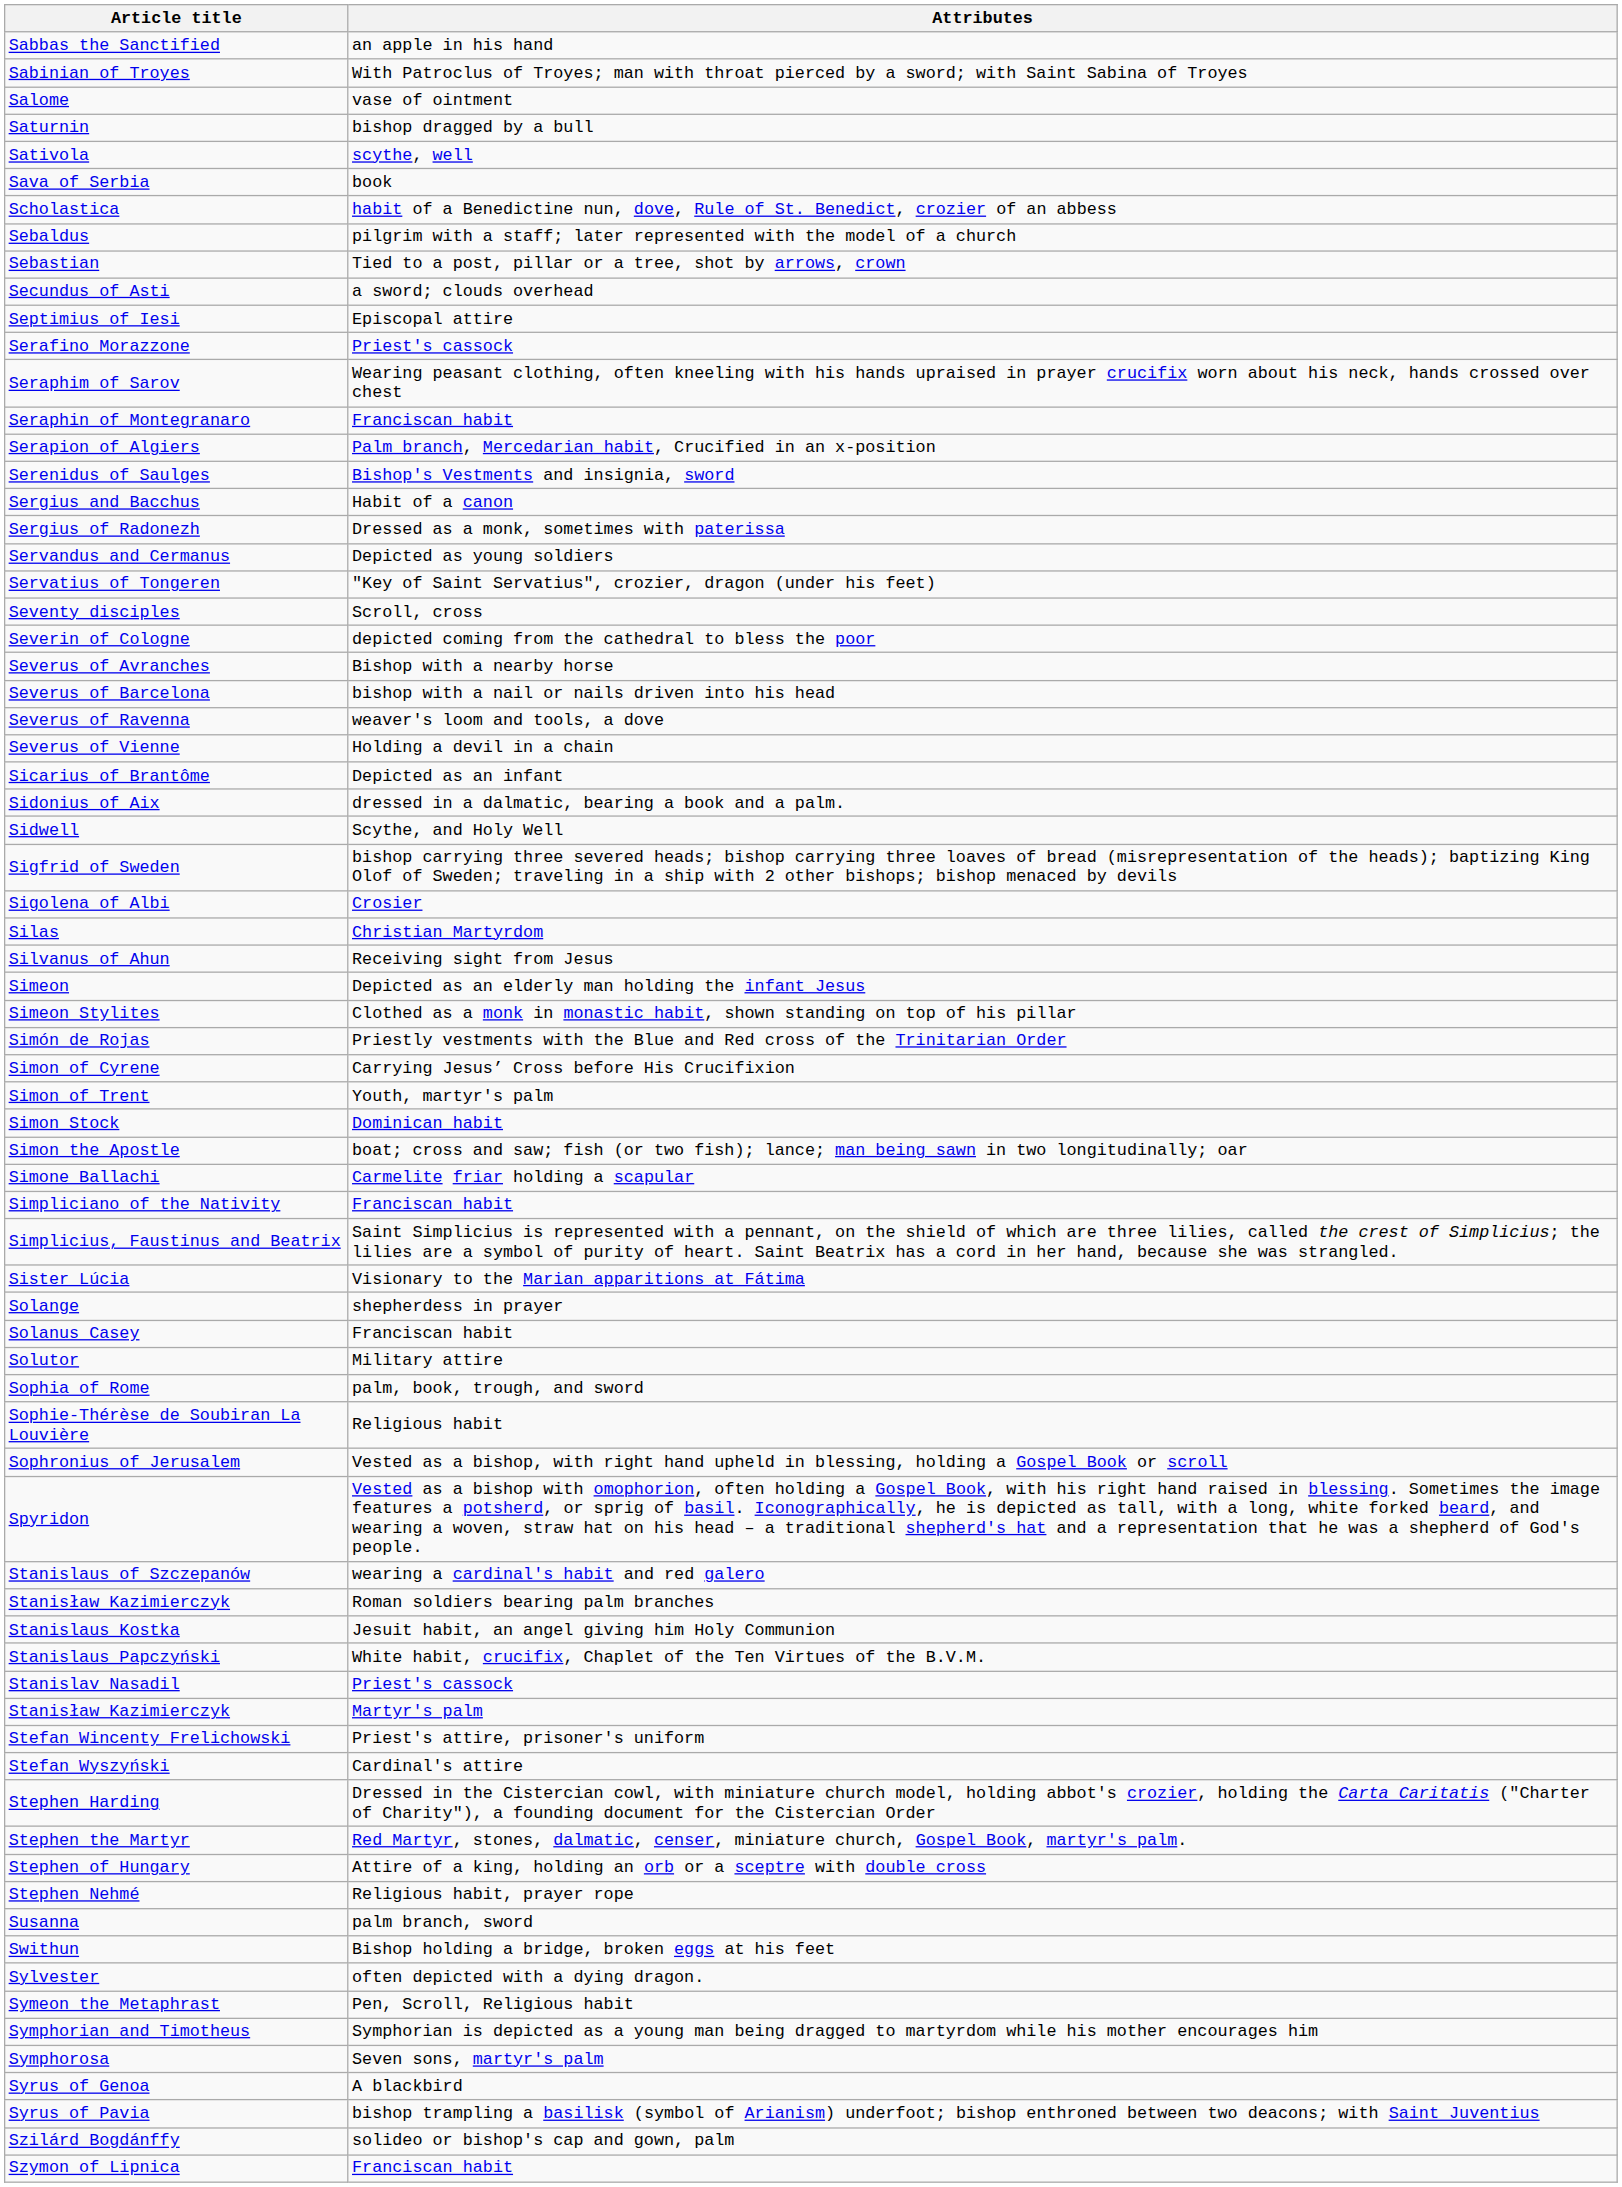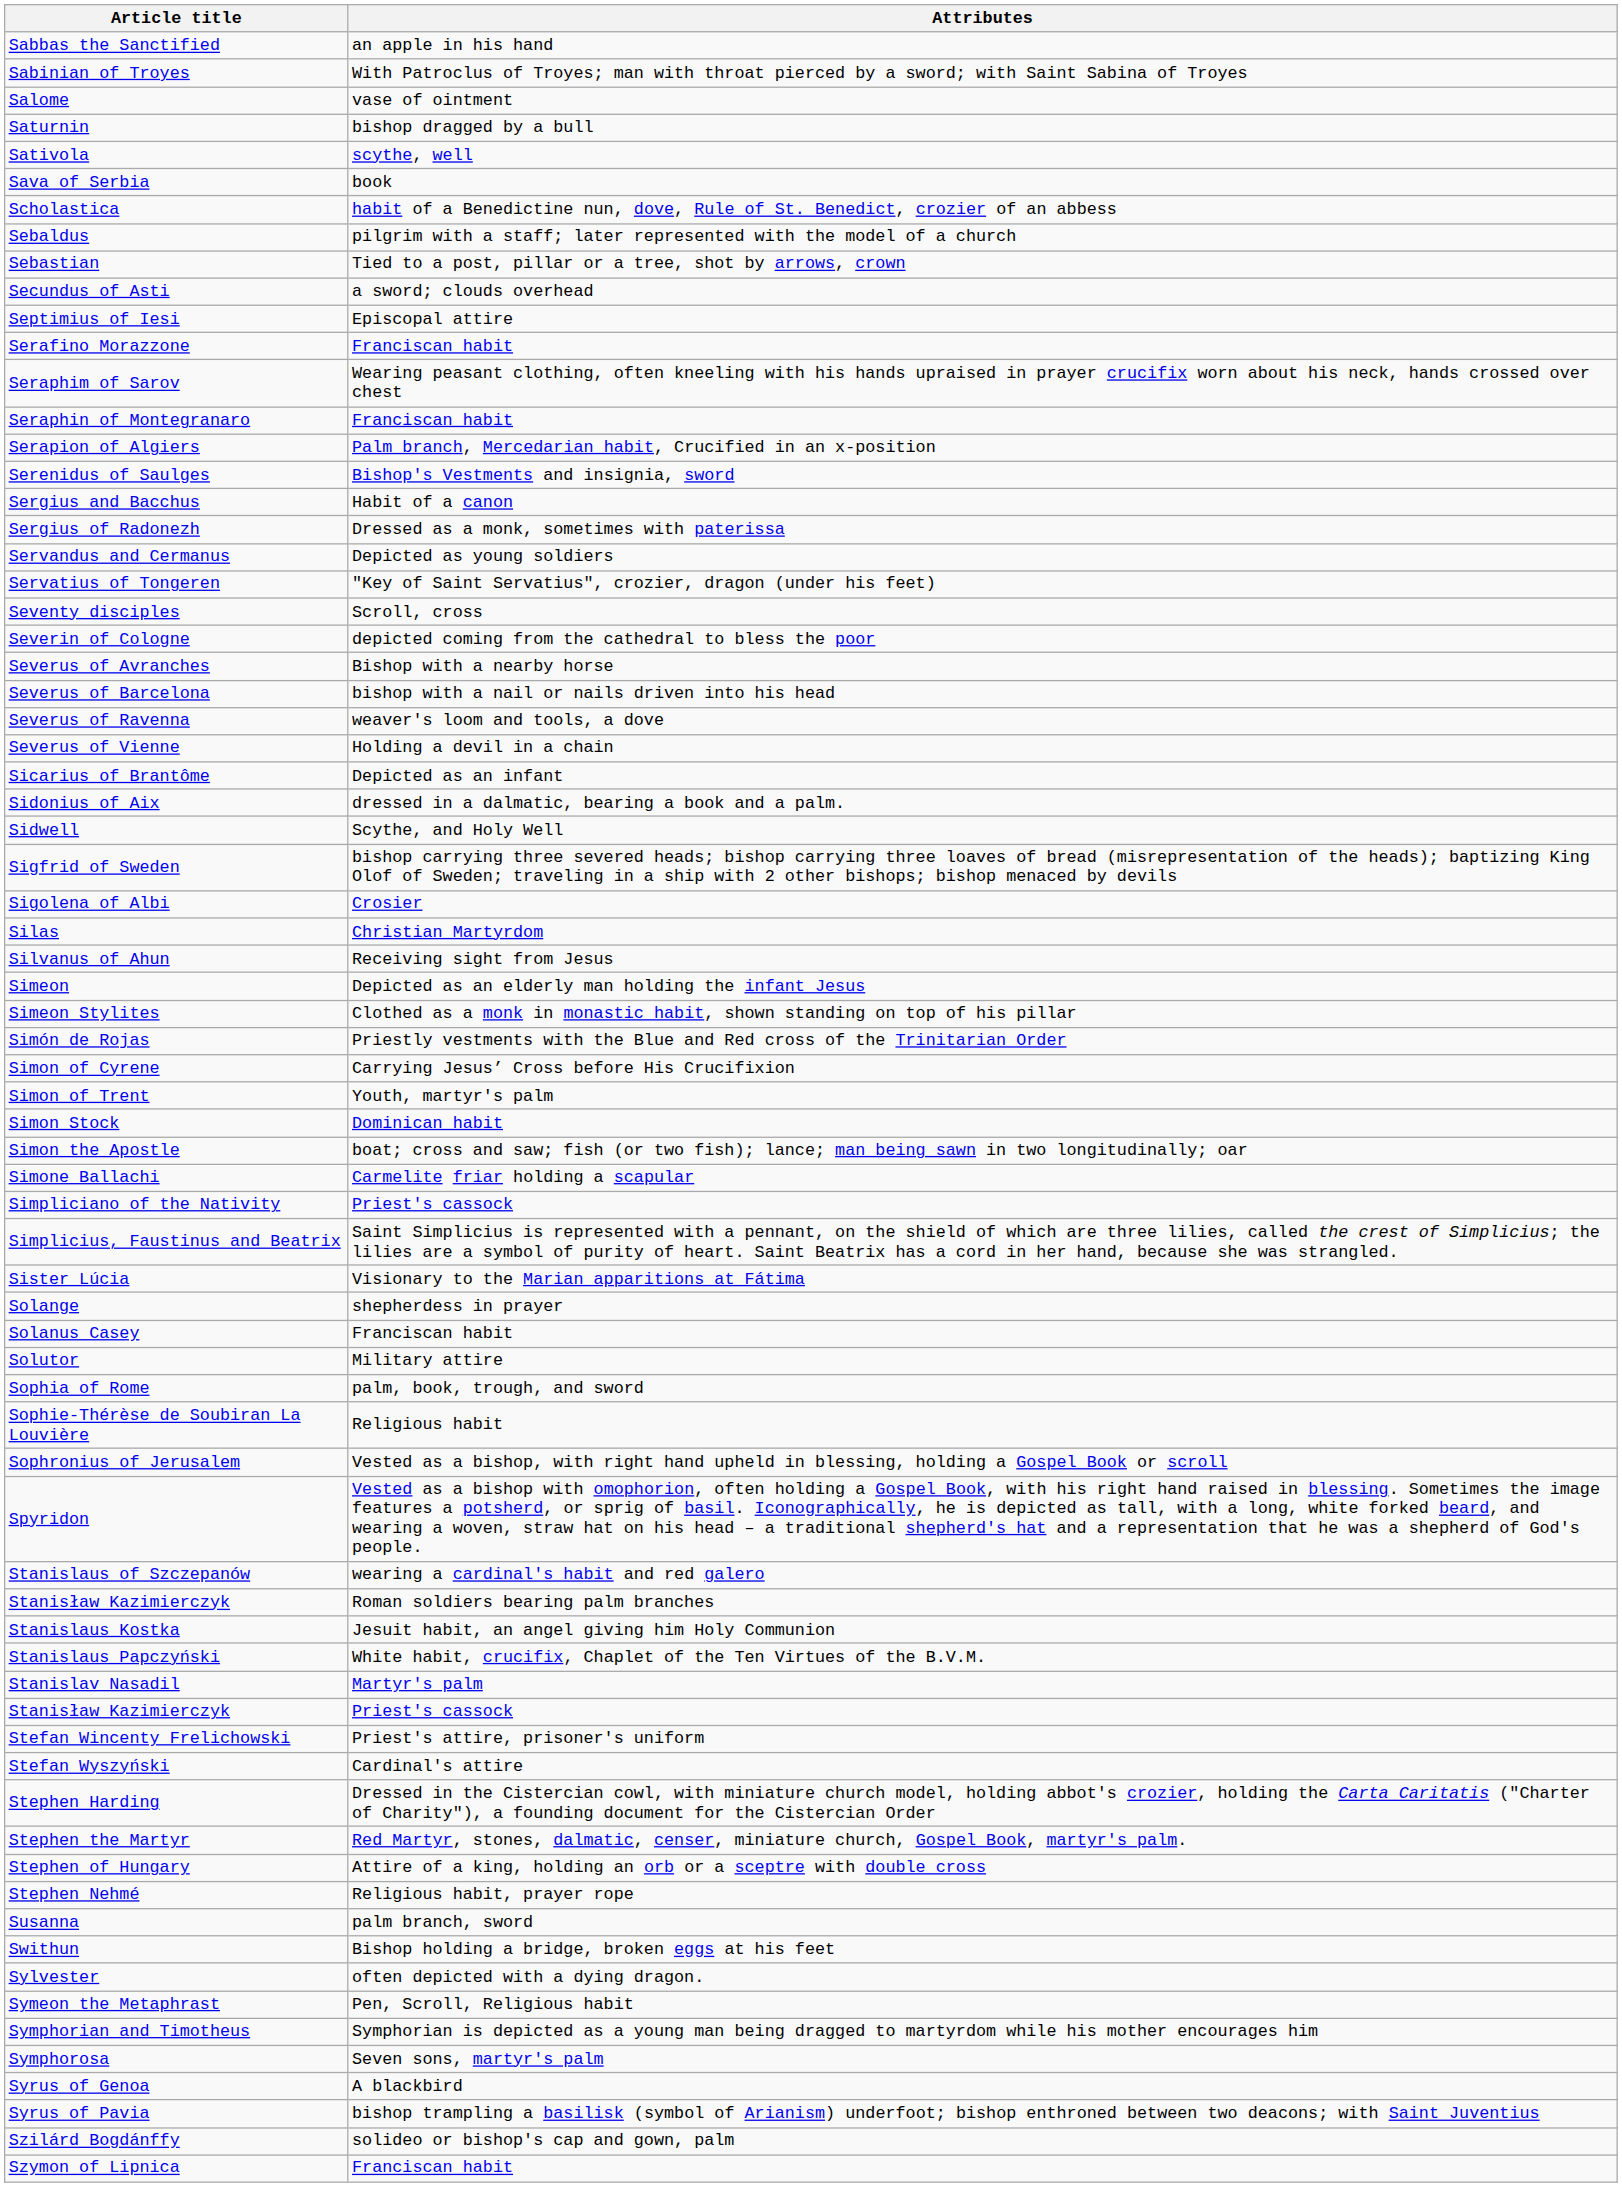 <table class="wikitable">
 <tr>
 <th scope="col" style="width: 20em;">Article title</th>
 <th scope="col">Attributes</th>
 </tr>
 <tr>
 <td><a href='#'>Sabbas the Sanctified</a></td>
 <td>an apple in his hand</td>
 </tr>
 <tr>
 <td><a href='#'>Sabinian of Troyes</a></td>
 <td>With Patroclus of Troyes; man with throat pierced by a sword; with Saint Sabina of Troyes</td>
 </tr>
 <tr>
 <td><a href='#'>Salome</a></td>
 <td>vase of ointment</td>
 </tr>
 <tr>
 <td><a href='#'>Saturnin</a></td>
 <td>bishop dragged by a bull</td>
 </tr>
 <tr>
 <td><a href='#'>Sativola</a></td>
 <td><a href='#'>scythe</a>, <a href='#'>well</a></td>
 </tr>
 <tr>
 <td><a href='#'>Sava of Serbia</a></td>
 <td>book</td>
 </tr>
 <tr>
 <td><a href='#'>Scholastica</a></td>
 <td><a href='#'>habit</a> of a Benedictine nun, <a href='#'>dove</a>, <a href='#'>Rule of St. Benedict</a>, <a href='#'>crozier</a> of an abbess</td>
 </tr>
 <tr>
 <td><a href='#'>Sebaldus</a></td>
 <td>pilgrim with a staff; later represented with the model of a church</td>
 </tr>
 <tr>
 <td><a href='#'>Sebastian</a></td>
 <td>Tied to a post, pillar or a tree, shot by <a href='#'>arrows</a>, <a href='#'>crown</a></td>
 </tr>
 <tr>
 <td><a href='#'>Secundus of Asti</a></td>
 <td>a sword; clouds overhead</td>
 </tr>
 <tr>
 <td><a href='#'>Septimius of Iesi</a></td>
 <td>Episcopal attire</td>
 </tr>
 <tr>
 <td><a href='#'>Serafino Morazzone</a></td>
-<td><a href='#'>Priest's cassock</a></td>
+<td><a href='#'>Franciscan habit</a></td>
 </tr>
 <tr>
 <td><a href='#'>Seraphim of Sarov</a></td>
 <td>Wearing peasant clothing, often kneeling with his hands upraised in prayer <a href='#'>crucifix</a> worn about his neck, hands crossed over chest</td>
 </tr>
 <tr>
 <td><a href='#'>Seraphin of Montegranaro</a></td>
 <td><a href='#'>Franciscan habit</a></td>
 </tr>
 <tr>
 <td><a href='#'>Serapion of Algiers</a></td>
 <td><a href='#'>Palm branch</a>, <a href='#'>Mercedarian habit</a>, Crucified in an x-position</td>
 </tr>
 <tr>
 <td><a href='#'>Serenidus of Saulges</a></td>
 <td><a href='#'>Bishop's Vestments</a> and insignia, <a href='#'>sword</a></td>
 </tr>
 <tr>
 <td><a href='#'>Sergius and Bacchus</a></td>
 <td>Habit of a <a href='#'>canon</a></td>
 </tr>
 <tr>
 <td><a href='#'>Sergius of Radonezh</a></td>
 <td>Dressed as a monk, sometimes with <a href='#'>paterissa</a></td>
 </tr>
 <tr>
 <td><a href='#'>Servandus and Cermanus</a></td>
 <td>Depicted as young soldiers</td>
 </tr>
 <tr>
 <td><a href='#'>Servatius of Tongeren</a></td>
 <td>"Key of Saint Servatius", crozier, dragon (under his feet)</td>
 </tr>
 <tr>
 <td><a href='#'>Seventy disciples</a></td>
 <td>Scroll, cross</td>
 </tr>
 <tr>
 <td><a href='#'>Severin of Cologne</a></td>
 <td>depicted coming from the cathedral to bless the <a href='#'>poor</a></td>
 </tr>
 <tr>
 <td><a href='#'>Severus of Avranches</a></td>
 <td>Bishop with a nearby horse</td>
 </tr>
 <tr>
 <td><a href='#'>Severus of Barcelona</a></td>
 <td>bishop with a nail or nails driven into his head</td>
 </tr>
 <tr>
 <td><a href='#'>Severus of Ravenna</a></td>
 <td>weaver's loom and tools, a dove</td>
 </tr>
 <tr>
 <td><a href='#'>Severus of Vienne</a></td>
 <td>Holding a devil in a chain</td>
 </tr>
 <tr>
 <td><a href='#'>Sicarius of Brantôme</a></td>
 <td>Depicted as an infant</td>
 </tr>
 <tr>
 <td><a href='#'>Sidonius of Aix</a></td>
 <td>dressed in a dalmatic, bearing a book and a palm.</td>
 </tr>
 <tr>
 <td><a href='#'>Sidwell</a></td>
 <td>Scythe, and Holy Well</td>
 </tr>
 <tr>
 <td><a href='#'>Sigfrid of Sweden</a></td>
 <td>bishop carrying three severed heads; bishop carrying three loaves of bread (misrepresentation of the heads); baptizing King Olof of Sweden; traveling in a ship with 2 other bishops; bishop menaced by devils</td>
 </tr>
 <tr>
 <td><a href='#'>Sigolena of Albi</a></td>
 <td><a href='#'>Crosier</a></td>
 </tr>
 <tr>
 <td><a href='#'>Silas</a></td>
 <td><a href='#'>Christian Martyrdom</a></td>
 </tr>
 <tr>
 <td><a href='#'>Silvanus of Ahun</a></td>
 <td>Receiving sight from Jesus</td>
 </tr>
 <tr>
 <td><a href='#'>Simeon</a></td>
 <td>Depicted as an elderly man holding the <a href='#'>infant Jesus</a></td>
 </tr>
 <tr>
 <td><a href='#'>Simeon Stylites</a></td>
 <td>Clothed as a <a href='#'>monk</a> in <a href='#'>monastic habit</a>, shown standing on top of his pillar</td>
 </tr>
 <tr>
 <td><a href='#'>Simón de Rojas</a></td>
 <td>Priestly vestments with the Blue and Red cross of the <a href='#'>Trinitarian Order</a></td>
 </tr>
 <tr>
 <td><a href='#'>Simon of Cyrene</a></td>
 <td>Carrying Jesus’ Cross before His Crucifixion</td>
 </tr>
 <tr>
 <td><a href='#'>Simon of Trent</a></td>
 <td>Youth, martyr's palm</td>
 </tr>
 <tr>
 <td><a href='#'>Simon Stock</a></td>
 <td><a href='#'>Dominican habit</a></td>
 </tr>
 <tr>
 <td><a href='#'>Simon the Apostle</a></td>
 <td>boat; cross and saw; fish (or two fish); lance; <a href='#'>man being sawn</a> in two longitudinally; oar</td>
 </tr>
 <tr>
 <td><a href='#'>Simone Ballachi</a></td>
 <td><a href='#'>Carmelite</a> <a href='#'>friar</a> holding a <a href='#'>scapular</a></td>
 </tr>
 <tr>
 <td><a href='#'>Simpliciano of the Nativity</a></td>
-<td><a href='#'>Franciscan habit</a></td>
+<td><a href='#'>Priest's cassock</a></td>
 </tr>
 <tr>
 <td><a href='#'>Simplicius, Faustinus and Beatrix</a></td>
 <td>Saint Simplicius is represented with a pennant, on the shield of which are three lilies, called <em>the crest of Simplicius</em>; the lilies are a symbol of purity of heart. Saint Beatrix has a cord in her hand, because she was strangled.</td>
 </tr>
 <tr>
 <td><a href='#'>Sister Lúcia</a></td>
 <td>Visionary to the <a href='#'>Marian apparitions at Fátima</a></td>
 </tr>
 <tr>
 <td><a href='#'>Solange</a></td>
 <td>shepherdess in prayer</td>
 </tr>
 <tr>
 <td><a href='#'>Solanus Casey</a></td>
 <td>Franciscan habit</td>
 </tr>
 <tr>
 <td><a href='#'>Solutor</a></td>
 <td>Military attire</td>
 </tr>
 <tr>
 <td><a href='#'>Sophia of Rome</a></td>
 <td>palm, book, trough, and sword</td>
 </tr>
 <tr>
 <td><a href='#'>Sophie-Thérèse de Soubiran La Louvière</a></td>
 <td>Religious habit</td>
 </tr>
 <tr>
 <td><a href='#'>Sophronius of Jerusalem</a></td>
 <td>Vested as a bishop, with right hand upheld in blessing, holding a <a href='#'>Gospel Book</a> or <a href='#'>scroll</a></td>
 </tr>
 <tr>
 <td><a href='#'>Spyridon</a></td>
 <td><a href='#'>Vested</a> as a bishop with <a href='#'>omophorion</a>, often holding a <a href='#'>Gospel Book</a>, with his right hand raised in <a href='#'>blessing</a>.  Sometimes the image features a <a href='#'>potsherd</a>, or sprig of <a href='#'>basil</a>. <a href='#'>Iconographically</a>, he is depicted as tall, with a long, white forked <a href='#'>beard</a>, and wearing a woven, straw hat on his head – a traditional <a href='#'>shepherd's hat</a> and a representation that he was a shepherd of God's people.</td>
 </tr>
 <tr>
 <td><a href='#'>Stanislaus of Szczepanów</a></td>
 <td>wearing a <a href='#'>cardinal's habit</a> and red <a href='#'>galero</a></td>
 </tr>
 <tr>
 <td><a href='#'>Stanisław Kazimierczyk</a></td>
 <td>Roman soldiers bearing palm branches</td>
 </tr>
 <tr>
 <td><a href='#'>Stanislaus Kostka</a></td>
 <td>Jesuit habit, an angel giving him Holy Communion</td>
 </tr>
 <tr>
 <td><a href='#'>Stanislaus Papczyński</a></td>
 <td>White habit, <a href='#'>crucifix</a>, Chaplet of the Ten Virtues of the B.V.M.</td>
 </tr>
 <tr>
 <td><a href='#'>Stanislav Nasadil</a></td>
-<td><a href='#'>Priest's cassock</a></td>
+<td><a href='#'>Martyr's palm</a></td>
 </tr>
 <tr>
 <td><a href='#'>Stanisław Kazimierczyk</a></td>
-<td><a href='#'>Martyr's palm</a></td>
+<td><a href='#'>Priest's cassock</a></td>
 </tr>
 <tr>
 <td><a href='#'>Stefan Wincenty Frelichowski</a></td>
 <td>Priest's attire, prisoner's uniform</td>
 </tr>
 <tr>
 <td><a href='#'>Stefan Wyszyński</a></td>
 <td>Cardinal's attire</td>
 </tr>
 <tr>
 <td><a href='#'>Stephen Harding</a></td>
 <td>Dressed in the Cistercian cowl, with miniature church model, holding abbot's <a href='#'>crozier</a>, holding the <em><a href='#'>Carta Caritatis</a></em> ("Charter of Charity"), a founding document for the Cistercian Order</td>
 </tr>
 <tr>
 <td><a href='#'>Stephen the Martyr</a></td>
 <td><a href='#'>Red Martyr</a>, stones, <a href='#'>dalmatic</a>, <a href='#'>censer</a>, miniature church, <a href='#'>Gospel Book</a>, <a href='#'>martyr's palm</a>.</td>
 </tr>
 <tr>
 <td><a href='#'>Stephen of Hungary</a></td>
 <td>Attire of a king, holding an <a href='#'>orb</a> or a <a href='#'>sceptre</a> with <a href='#'>double cross</a></td>
 </tr>
 <tr>
 <td><a href='#'>Stephen Nehmé</a></td>
 <td>Religious habit, prayer rope</td>
 </tr>
 <tr>
 <td><a href='#'>Susanna</a></td>
 <td>palm branch, sword</td>
 </tr>
 <tr>
 <td><a href='#'>Swithun</a></td>
 <td>Bishop holding a bridge, broken <a href='#'>eggs</a> at his feet</td>
 </tr>
 <tr>
 <td><a href='#'>Sylvester</a></td>
 <td>often depicted with a dying dragon.</td>
 </tr>
 <tr>
 <td><a href='#'>Symeon the Metaphrast</a></td>
 <td>Pen, Scroll, Religious habit</td>
 </tr>
 <tr>
 <td><a href='#'>Symphorian and Timotheus</a></td>
 <td>Symphorian is depicted as a young man being dragged to martyrdom while his mother encourages him</td>
 </tr>
 <tr>
 <td><a href='#'>Symphorosa</a></td>
 <td>Seven sons, <a href='#'>martyr's palm</a></td>
 </tr>
 <tr>
 <td><a href='#'>Syrus of Genoa</a></td>
 <td>A blackbird</td>
 </tr>
 <tr>
 <td><a href='#'>Syrus of Pavia</a></td>
 <td>bishop trampling a <a href='#'>basilisk</a> (symbol of <a href='#'>Arianism</a>) underfoot; bishop enthroned between two deacons; with <a href='#'>Saint Juventius</a></td>
 </tr>
 <tr>
 <td><a href='#'>Szilárd Bogdánffy</a></td>
 <td>solideo or bishop's cap and gown, palm</td>
 </tr>
 <tr>
 <td><a href='#'>Szymon of Lipnica</a></td>
 <td><a href='#'>Franciscan habit</a></td>
 </tr>
 </table>
